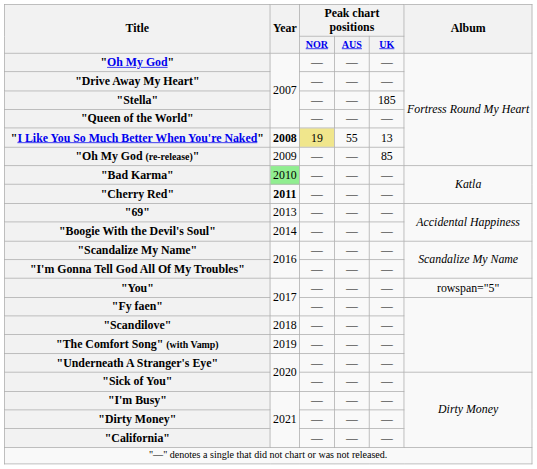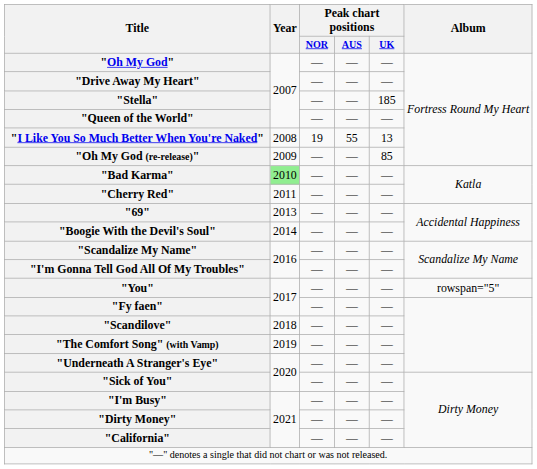 <table class="wikitable plainrowheaders" style="text-align:center;">
 <tr>
 <th scope="col" rowspan="2" style="width:22em;">Title</th>
 <th scope="col" rowspan="2" style="width:1em;">Year</th>
 <th scope="col" colspan="3">Peak chart positions</th>
 <th scope="col" rowspan="2">Album</th>
 </tr>
 <tr>
 <th scope="col" style="width:3em;font-size:85%;"><a href='#'>NOR</a><br></th>
 <th scope="col" style="width:3em;font-size:85%;"><a href='#'>AUS</a><br></th>
 <th scope="col" style="width:3em;font-size:85%;"><a href='#'>UK</a><br></th>
 </tr>
 <tr>
 <th scope="row">"<a href='#'>Oh My God</a>"</th>
 <td rowspan="4">2007</td>
 <td>—</td>
 <td>—</td>
 <td>—</td>
 <td rowspan="6"><em>Fortress Round My Heart</em></td>
 </tr>
 <tr>
 <th scope="row">"Drive Away My Heart"</th>
 <td>—</td>
 <td>—</td>
 <td>—</td>
 </tr>
 <tr>
 <th scope="row">"Stella"</th>
 <td>—</td>
 <td>—</td>
 <td>185</td>
 </tr>
 <tr>
 <th scope="row">"Queen of the World"</th>
 <td>—</td>
 <td>—</td>
 <td>—</td>
 </tr>
 <tr>
 <th scope="row">"<a href='#'>I Like You So Much Better When You're Naked</a>"</th>
-<td><strong>2008</strong></td>
-<td style="background: khaki;">19</td>
+<td>2008</td>
+<td>19</td>
 <td>55</td>
 <td>13</td>
 </tr>
 <tr>
 <th scope="row">"Oh My God <small>(re-release)</small>"</th>
 <td>2009</td>
 <td>—</td>
 <td>—</td>
 <td>85</td>
 </tr>
 <tr>
 <th scope="row">"Bad Karma"</th>
 <td style="background: lightgreen;">2010</td>
 <td>—</td>
 <td>—</td>
 <td>—</td>
 <td rowspan="2"><em>Katla</em></td>
 </tr>
 <tr>
 <th scope="row">"Cherry Red"</th>
-<td><strong>2011</strong></td>
+<td>2011</td>
 <td>—</td>
 <td>—</td>
 <td>—</td>
 </tr>
 <tr>
 <th scope="row">"69"</th>
 <td>2013</td>
 <td>—</td>
 <td>—</td>
 <td>—</td>
 <td rowspan="2"><em>Accidental Happiness</em></td>
 </tr>
 <tr>
 <th scope="row">"Boogie With the Devil's Soul"</th>
 <td>2014</td>
 <td>—</td>
 <td>—</td>
 <td>—</td>
 </tr>
 <tr>
 <th scope="row">"Scandalize My Name"</th>
 <td rowspan="2">2016</td>
 <td>—</td>
 <td>—</td>
 <td>—</td>
 <td rowspan="2"><em>Scandalize My Name</em></td>
 </tr>
 <tr>
 <th scope="row">"I'm Gonna Tell God All Of My Troubles"</th>
 <td>—</td>
 <td>—</td>
 <td>—</td>
 </tr>
 <tr>
 <th scope="row">"You"</th>
 <td rowspan="2">2017</td>
 <td>—</td>
 <td>—</td>
 <td>—</td>
 <td>rowspan="5" </td>
 </tr>
 <tr>
 <th scope="row">"Fy faen"</th>
 <td>—</td>
 <td>—</td>
 <td>—</td>
 </tr>
 <tr>
 <th scope="row">"Scandilove"</th>
 <td>2018</td>
 <td>—</td>
 <td>—</td>
 <td>—</td>
 </tr>
 <tr>
 <th scope="row">"The Comfort Song" <small>(with Vamp)</small></th>
 <td>2019</td>
 <td>—</td>
 <td>—</td>
 <td>—</td>
 </tr>
 <tr>
 <th scope="row">"Underneath A Stranger's Eye"</th>
 <td rowspan="2">2020</td>
 <td>—</td>
 <td>—</td>
 <td>—</td>
 </tr>
 <tr>
 <th scope="row">"Sick of You"</th>
 <td>—</td>
 <td>—</td>
 <td>—</td>
 <td rowspan="4"><em>Dirty Money</em></td>
 </tr>
 <tr>
 <th scope="row">"I'm Busy"</th>
 <td rowspan="3">2021</td>
 <td>—</td>
 <td>—</td>
 <td>—</td>
 </tr>
 <tr>
 <th scope="row">"Dirty Money"</th>
 <td>—</td>
 <td>—</td>
 <td>—</td>
 </tr>
 <tr>
 <th scope="row">"California"</th>
 <td>—</td>
 <td>—</td>
 <td>—</td>
 </tr>
 <tr>
 <td colspan="18" style="font-size:85%;">"—" denotes a single that did not chart or was not released.</td>
 </tr>
 </table>
